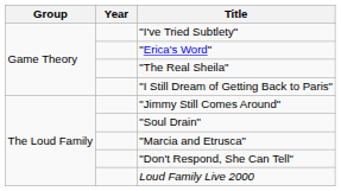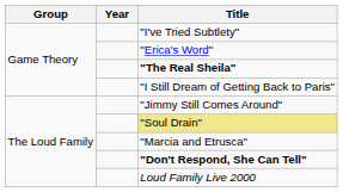 <table class="wikitable">
 <tr>
 <th style="width:120px;">Group</th>
 <th style="width:50px;">Year</th>
 <th>Title</th>
 </tr>
 <tr>
 <td rowspan="4">Game Theory</td>
 <td></td>
 <td>"I've Tried Subtlety" </td>
 </tr>
 <tr>
 <td></td>
 <td>"<a href='#'>Erica's Word</a>" </td>
 </tr>
 <tr>
 <td></td>
-<td>"The Real Sheila" </td>
+<td><strong>"The Real Sheila" </strong></td>
 </tr>
 <tr>
 <td></td>
 <td>"I Still Dream of Getting Back to Paris" </td>
 </tr>
 <tr>
 <td rowspan="5">The Loud Family</td>
 <td></td>
 <td>"Jimmy Still Comes Around" </td>
 </tr>
 <tr>
 <td></td>
-<td>"Soul Drain" </td>
+<td style="background: khaki;">"Soul Drain" </td>
 </tr>
 <tr>
 <td></td>
 <td>"Marcia and Etrusca" </td>
 </tr>
 <tr>
 <td></td>
-<td>"Don't Respond, She Can Tell" </td>
+<td><strong>"Don't Respond, She Can Tell" </strong></td>
 </tr>
 <tr>
 <td></td>
 <td><em>Loud Family Live 2000</em> </td>
 </tr>
 </table>
